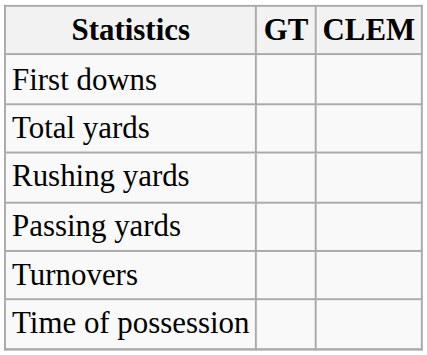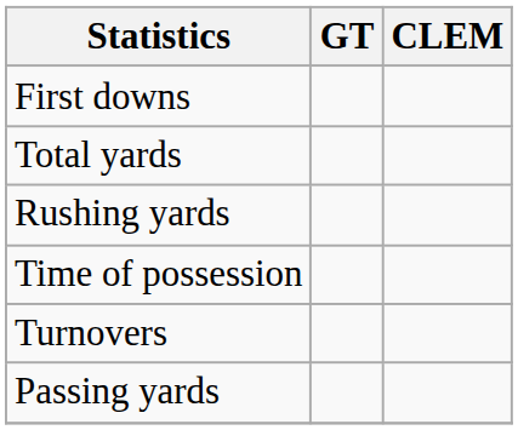 <table class="wikitable" style="float: left;">
 <tr>
 <th>Statistics</th>
 <th>GT</th>
 <th>CLEM</th>
 </tr>
 <tr>
 <td>First downs</td>
 <td></td>
 <td></td>
 </tr>
 <tr>
 <td>Total yards</td>
 <td></td>
 <td></td>
 </tr>
 <tr>
 <td>Rushing yards</td>
 <td></td>
 <td></td>
 </tr>
 <tr>
-<td>Passing yards</td>
+<td>Time of possession</td>
 <td></td>
 <td></td>
 </tr>
 <tr>
 <td>Turnovers</td>
 <td></td>
 <td></td>
 </tr>
 <tr>
-<td>Time of possession</td>
+<td>Passing yards</td>
 <td></td>
 <td></td>
 </tr>
 <tr>
 </tr>
 </table>
